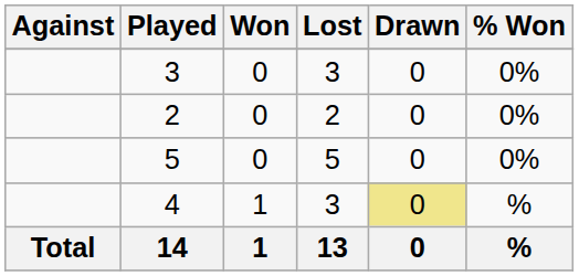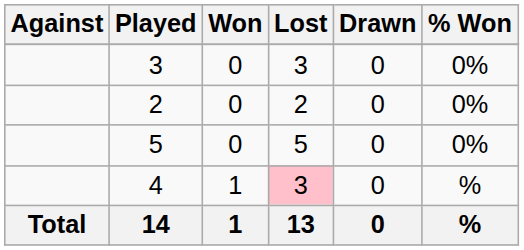 <table class="sortable wikitable" style="text-align:center">
 <tr>
 <th>Against</th>
 <th>Played</th>
 <th>Won</th>
 <th>Lost</th>
 <th>Drawn</th>
 <th>% Won</th>
 </tr>
 <tr style="background:#d0ffd0; text-align:center">
 </tr>
 <tr>
 <td style="text-align:left"></td>
 <td>3</td>
 <td>0</td>
 <td>3</td>
 <td>0</td>
 <td>0%</td>
 </tr>
 <tr>
 <td style="text-align:left"></td>
 <td>2</td>
 <td>0</td>
 <td>2</td>
 <td>0</td>
 <td>0%</td>
 </tr>
 <tr>
 <td style="text-align:left"></td>
 <td>5</td>
 <td>0</td>
 <td>5</td>
 <td>0</td>
 <td>0%</td>
 </tr>
 <tr>
 <td style="text-align:left"></td>
 <td>4</td>
 <td>1</td>
-<td>3</td>
-<td style="background: khaki;">0</td>
+<td style="background: pink;">3</td>
+<td>0</td>
 <td>%</td>
 </tr>
 <tr>
 <th>Total</th>
 <th>14</th>
 <th>1</th>
 <th>13</th>
 <th>0</th>
 <th>%</th>
 </tr>
 </table>
